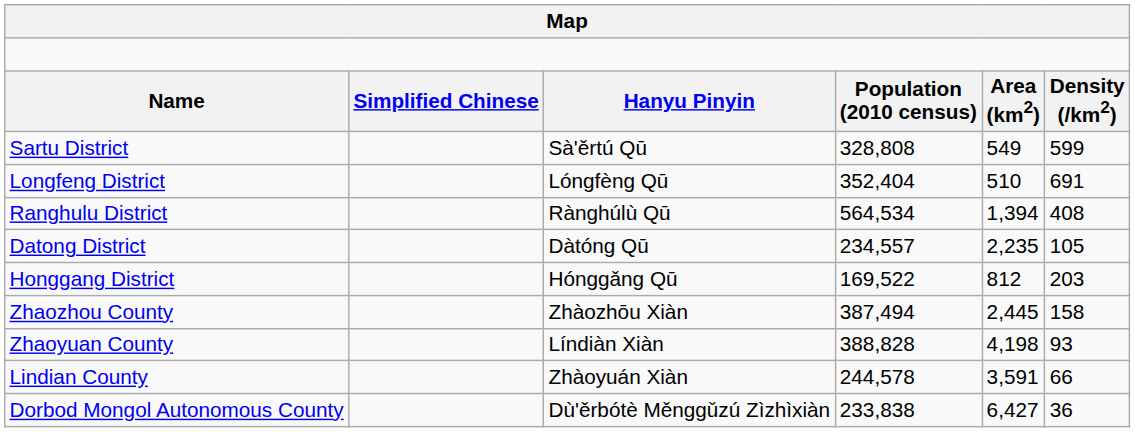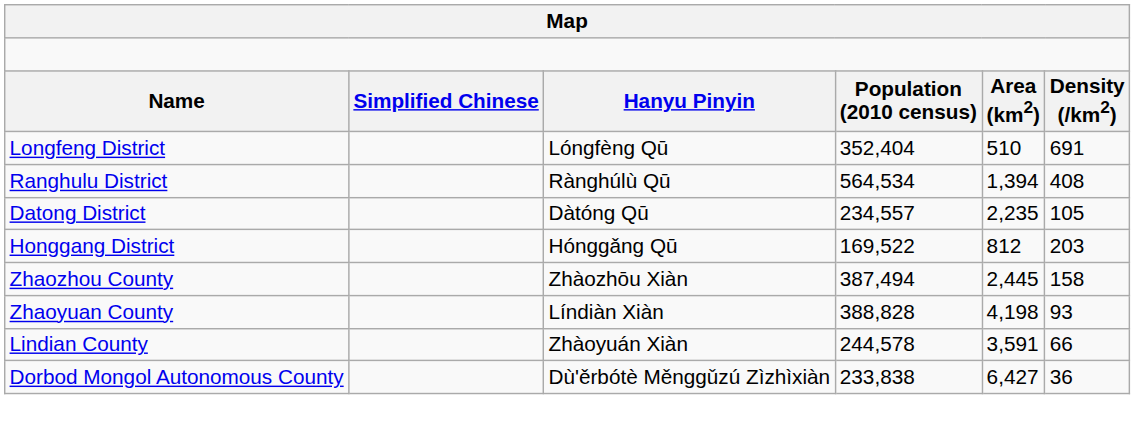 <table class="wikitable"  style="font-size:90%;">
 <tr>
 <th colspan="6">Map</th>
 </tr>
 <tr>
 <td colspan="6"><div><br>            </div></td>
 </tr>
 <tr>
 <th>Name</th>
 <th><a href='#'>Simplified Chinese</a></th>
 <th><a href='#'>Hanyu Pinyin</a></th>
 <th>Population<br>(2010 census)</th>
 <th>Area<br>(km<sup>2</sup>)</th>
 <th>Density<br>(/km<sup>2</sup>)</th>
-</tr>
-<tr --------->
-<td><a href='#'>Sartu District</a></td>
-<td></td>
-<td>Sà'ěrtú Qū</td>
-<td>328,808</td>
-<td>549</td>
-<td>599</td>
 </tr>
 <tr --------->
 <td><a href='#'>Longfeng District</a></td>
 <td></td>
 <td>Lóngfèng Qū</td>
 <td>352,404</td>
 <td>510</td>
 <td>691</td>
 </tr>
 <tr --------->
 <td><a href='#'>Ranghulu District</a></td>
 <td></td>
 <td>Rànghúlù Qū</td>
 <td>564,534</td>
 <td>1,394</td>
 <td>408</td>
 </tr>
 <tr --------->
 <td><a href='#'>Datong District</a></td>
 <td></td>
 <td>Dàtóng Qū</td>
 <td>234,557</td>
 <td>2,235</td>
 <td>105</td>
 </tr>
 <tr --------->
 <td><a href='#'>Honggang District</a></td>
 <td></td>
 <td>Hónggǎng Qū</td>
 <td>169,522</td>
 <td>812</td>
 <td>203</td>
 </tr>
 <tr --------->
 <td><a href='#'>Zhaozhou County</a></td>
 <td></td>
 <td>Zhàozhōu Xiàn</td>
 <td>387,494</td>
 <td>2,445</td>
 <td>158</td>
 </tr>
 <tr --------->
 <td><a href='#'>Zhaoyuan County</a></td>
 <td></td>
 <td>Líndiàn Xiàn</td>
 <td>388,828</td>
 <td>4,198</td>
 <td>93</td>
 </tr>
 <tr --------->
 <td><a href='#'>Lindian County</a></td>
 <td></td>
 <td>Zhàoyuán Xiàn</td>
 <td>244,578</td>
 <td>3,591</td>
 <td>66</td>
 </tr>
 <tr --------->
 <td><a href='#'>Dorbod Mongol Autonomous County</a></td>
 <td></td>
 <td>Dù'ěrbótè Měnggǔzú Zìzhìxiàn</td>
 <td>233,838</td>
 <td>6,427</td>
 <td>36</td>
 </tr>
 </table>
